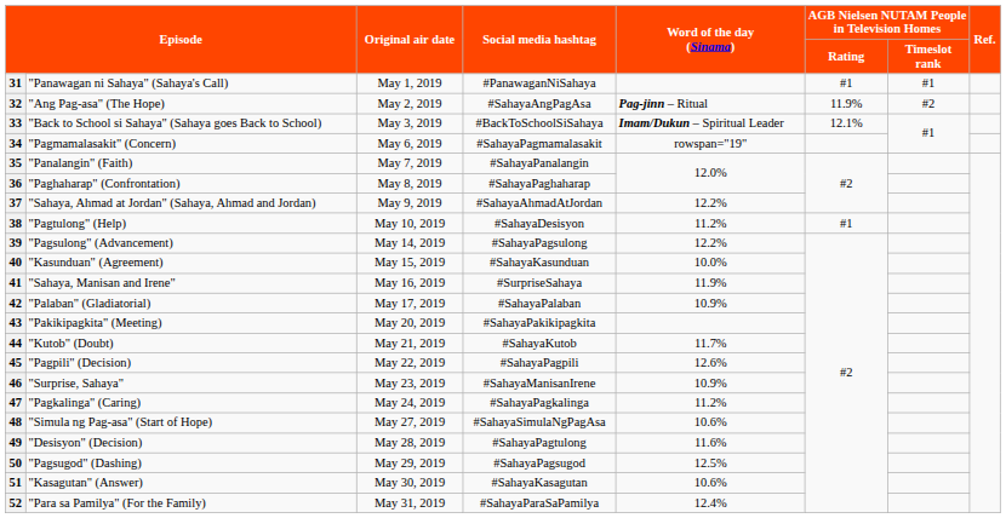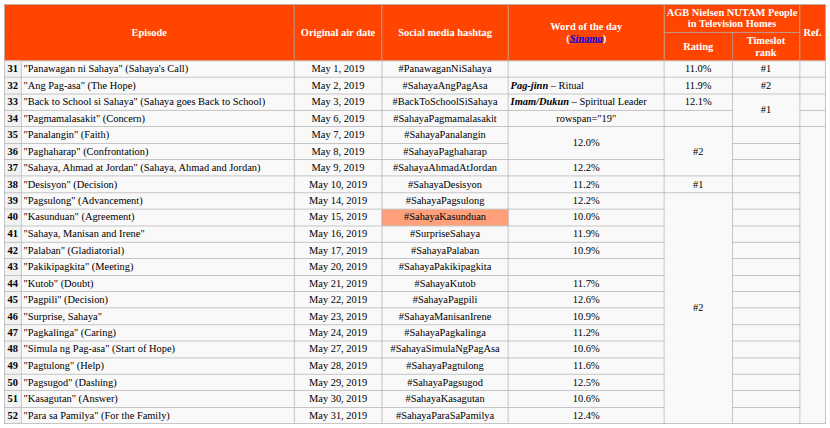 <table class="wikitable" style="text-align:center; font-size:100%; line-height:18px;" width="100%">
 <tr>
 <th style="background-color:#FF4500; color:#ffffff;" colspan="2" rowspan="2">Episode</th>
 <th style="background-color:#FF4500; color:white" rowspan="2">Original air date</th>
 <th style="background-color:#FF4500; color:white" rowspan="2">Social media hashtag</th>
 <th style="background-color:#FF4500; color:white" rowspan="2">Word of the day<br>(<em><a href='#'>Sinama</a></em>)</th>
 <th style="background-color:#FF4500; color:#ffffff;" colspan="2">AGB Nielsen NUTAM People in Television Homes</th>
 <th style="background-color:#FF4500; color:#ffffff;" rowspan="2">Ref.</th>
 </tr>
 <tr>
 <th style="background-color:#FF4500; width:75px; color:#ffffff;">Rating</th>
 <th style="background-color:#FF4500; width:75px; color:#ffffff;">Timeslot<br>rank</th>
 </tr>
 <tr>
 <th>31</th>
 <td style="text-align: left;">"Panawagan ni Sahaya" (Sahaya's Call)</td>
 <td>May 1, 2019</td>
 <td>#PanawaganNiSahaya</td>
 <td></td>
-<td>#1</td>
+<td>11.0%</td>
 <td>#1</td>
 <td></td>
 </tr>
 <tr>
 <th>32</th>
 <td style="text-align: left;">"Ang Pag-asa" (The Hope)</td>
 <td>May 2, 2019</td>
 <td>#SahayaAngPagAsa</td>
 <td style="text-align: left;"><strong><em>Pag-jinn</em></strong> – Ritual</td>
 <td>11.9%</td>
 <td>#2</td>
 <td></td>
 </tr>
 <tr>
 <th>33</th>
 <td style="text-align: left;">"Back to School si Sahaya" (Sahaya goes Back to School)</td>
 <td>May 3, 2019</td>
 <td>#BackToSchoolSiSahaya</td>
 <td style="text-align: left;"><strong><em>Imam/Dukun</em></strong> – Spiritual Leader</td>
 <td>12.1%</td>
 <td rowspan="2">#1</td>
 <td></td>
 </tr>
 <tr>
 <th>34</th>
 <td style="text-align: left;">"Pagmamalasakit" (Concern)</td>
 <td>May 6, 2019</td>
 <td>#SahayaPagmamalasakit</td>
 <td>rowspan="19" </td>
 <td></td>
 <td></td>
 </tr>
 <tr>
 <th>35</th>
 <td style="text-align: left;">"Panalangin" (Faith)</td>
 <td>May 7, 2019</td>
 <td>#SahayaPanalangin</td>
 <td rowspan="2">12.0%</td>
 <td rowspan="3">#2</td>
 <td></td>
 </tr>
 <tr>
 <th>36</th>
 <td style="text-align: left;">"Paghaharap" (Confrontation)</td>
 <td>May 8, 2019</td>
 <td>#SahayaPaghaharap</td>
 <td></td>
 </tr>
 <tr>
 <th>37</th>
 <td style="text-align: left;">"Sahaya, Ahmad at Jordan" (Sahaya, Ahmad and Jordan)</td>
 <td>May 9, 2019</td>
 <td>#SahayaAhmadAtJordan</td>
 <td>12.2%</td>
 <td></td>
 </tr>
 <tr>
 <th>38</th>
-<td style="text-align: left;">"Pagtulong" (Help)</td>
+<td style="text-align: left;">"Desisyon" (Decision)</td>
 <td>May 10, 2019</td>
 <td>#SahayaDesisyon</td>
 <td>11.2%</td>
 <td>#1</td>
 <td></td>
 </tr>
 <tr>
 <th>39</th>
 <td style="text-align: left;">"Pagsulong" (Advancement)</td>
 <td>May 14, 2019</td>
 <td>#SahayaPagsulong</td>
 <td>12.2%</td>
 <td rowspan="14">#2</td>
 <td></td>
 </tr>
 <tr>
 <th>40</th>
 <td style="text-align: left;">"Kasunduan" (Agreement)</td>
 <td>May 15, 2019</td>
-<td>#SahayaKasunduan</td>
+<td style="background: lightsalmon;">#SahayaKasunduan</td>
 <td>10.0%</td>
 <td></td>
 </tr>
 <tr>
 <th>41</th>
 <td style="text-align: left;">"Sahaya, Manisan and Irene"</td>
 <td>May 16, 2019</td>
 <td>#SurpriseSahaya</td>
 <td>11.9%</td>
 <td></td>
 </tr>
 <tr>
 <th>42</th>
 <td style="text-align: left;">"Palaban" (Gladiatorial)</td>
 <td>May 17, 2019</td>
 <td>#SahayaPalaban</td>
 <td>10.9%</td>
 <td></td>
 </tr>
 <tr>
 <th>43</th>
 <td style="text-align: left;">"Pakikipagkita" (Meeting)</td>
 <td>May 20, 2019</td>
 <td>#SahayaPakikipagkita</td>
 <td></td>
 <td></td>
 </tr>
 <tr>
 <th>44</th>
 <td style="text-align: left;">"Kutob" (Doubt)</td>
 <td>May 21, 2019</td>
 <td>#SahayaKutob</td>
 <td>11.7%</td>
 <td></td>
 </tr>
 <tr>
 <th>45</th>
 <td style="text-align: left;">"Pagpili" (Decision)</td>
 <td>May 22, 2019</td>
 <td>#SahayaPagpili</td>
 <td>12.6%</td>
 <td></td>
 </tr>
 <tr>
 <th>46</th>
 <td style="text-align: left;">"Surprise, Sahaya"</td>
 <td>May 23, 2019</td>
 <td>#SahayaManisanIrene</td>
 <td>10.9%</td>
 <td></td>
 </tr>
 <tr>
 <th>47</th>
 <td style="text-align: left;">"Pagkalinga" (Caring)</td>
 <td>May 24, 2019</td>
 <td>#SahayaPagkalinga</td>
 <td>11.2%</td>
 <td></td>
 </tr>
 <tr>
 <th>48</th>
 <td style="text-align: left;">"Simula ng Pag-asa" (Start of Hope)</td>
 <td>May 27, 2019</td>
 <td>#SahayaSimulaNgPagAsa</td>
 <td>10.6%</td>
 <td></td>
 </tr>
 <tr>
 <th>49</th>
-<td style="text-align: left;">"Desisyon" (Decision)</td>
+<td style="text-align: left;">"Pagtulong" (Help)</td>
 <td>May 28, 2019</td>
 <td>#SahayaPagtulong</td>
 <td>11.6%</td>
 <td></td>
 </tr>
 <tr>
 <th>50</th>
 <td style="text-align: left;">"Pagsugod" (Dashing)</td>
 <td>May 29, 2019</td>
 <td>#SahayaPagsugod</td>
 <td>12.5%</td>
 <td></td>
 </tr>
 <tr>
 <th>51</th>
 <td style="text-align: left;">"Kasagutan" (Answer)</td>
 <td>May 30, 2019</td>
 <td>#SahayaKasagutan</td>
 <td>10.6%</td>
 <td></td>
 </tr>
 <tr>
 <th>52</th>
 <td style="text-align: left;">"Para sa Pamilya" (For the Family)</td>
 <td>May 31, 2019</td>
 <td>#SahayaParaSaPamilya</td>
 <td>12.4%</td>
 <td></td>
 </tr>
 </table>
